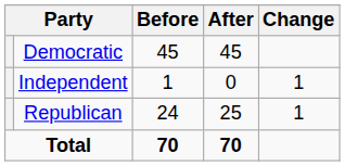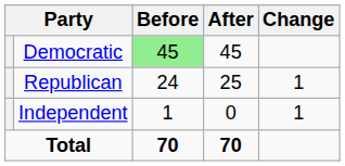 <table class="wikitable" style="text-align:center;">
 <tr>
 </tr>
 <tr>
 <th colspan=2>Party</th>
 <th>Before</th>
 <th>After</th>
 <th>Change</th>
 </tr>
 <tr>
 <th style="background-color:"></th>
 <td><a href='#'>Democratic</a></td>
-<td>45</td>
+<td style="background: lightgreen;">45</td>
 <td>45</td>
 <td></td>
+</tr>
+<tr>
+<th style="background-color:"></th>
+<td><a href='#'>Republican</a></td>
+<td>24</td>
+<td>25</td>
+<td> 1</td>
 </tr>
 <tr>
 <th style="background-color:"></th>
 <td><a href='#'>Independent</a></td>
 <td>1</td>
 <td>0</td>
 <td> 1</td>
 </tr>
 <tr>
-<th style="background-color:"></th>
-<td><a href='#'>Republican</a></td>
-<td>24</td>
-<td>25</td>
-<td> 1</td>
-</tr>
-<tr>
 <td colspan=2><strong>Total</strong></td>
 <td><strong>70</strong></td>
 <td><strong>70</strong></td>
 <td></td>
 </tr>
 </table>
